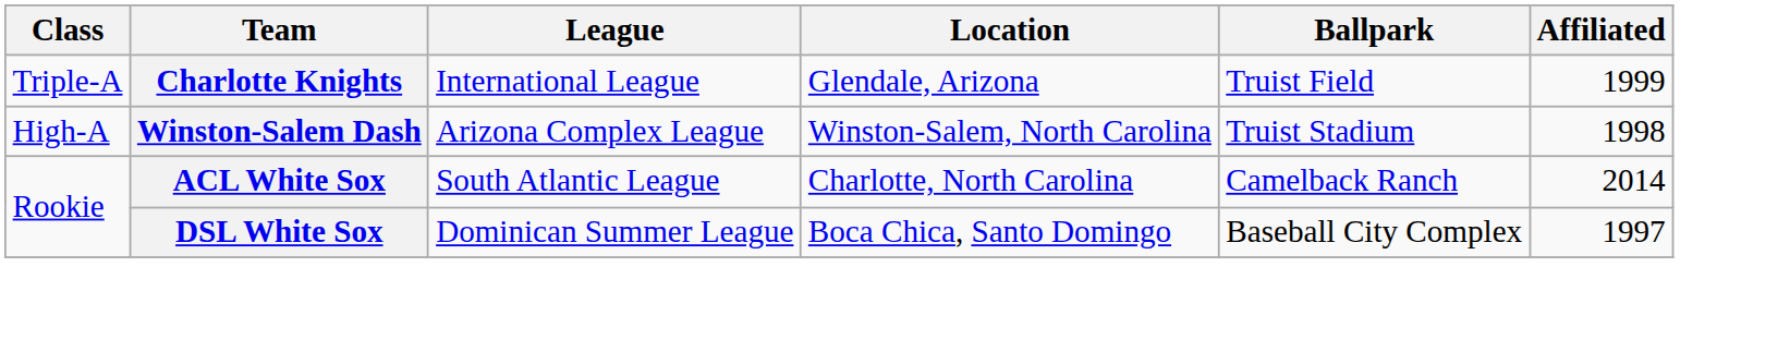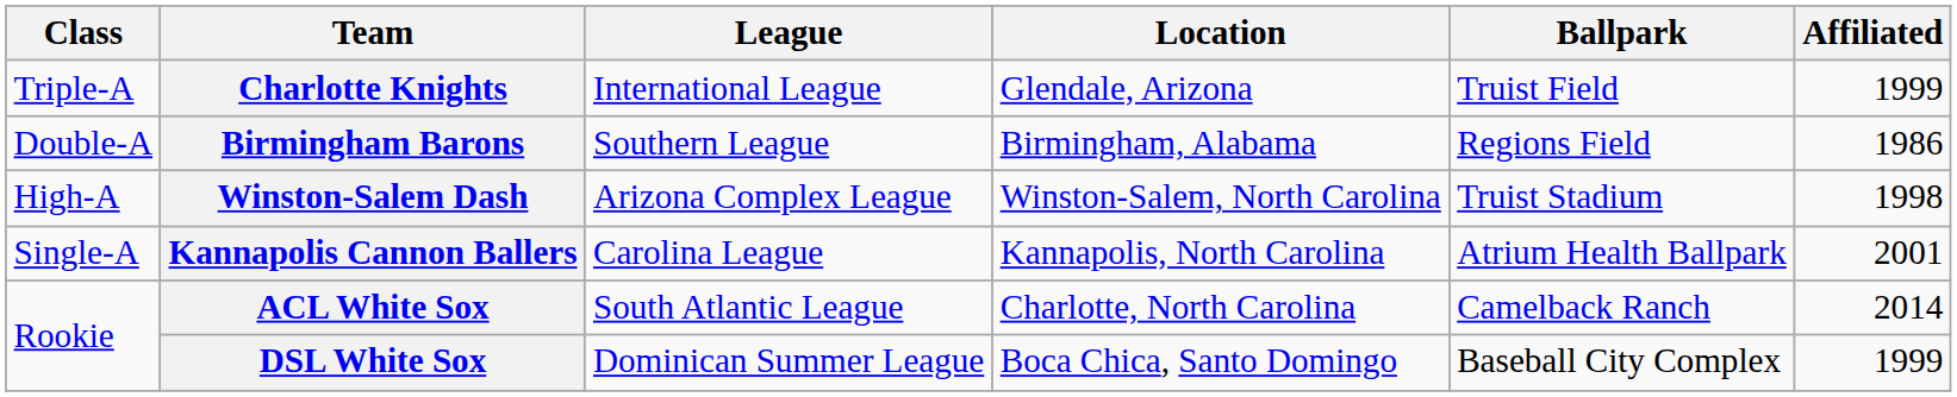 <table class="wikitable plainrowheaders sortable">
 <tr>
 <th scope="col">Class</th>
 <th scope="col">Team</th>
 <th scope="col">League</th>
 <th scope="col">Location</th>
 <th scope="col">Ballpark</th>
 <th scope="col">Affiliated</th>
 </tr>
 <tr>
 <td><a href='#'>Triple-A</a></td>
 <th scope="row"><a href='#'>Charlotte Knights</a></th>
 <td><a href='#'>International League</a></td>
 <td><a href='#'>Glendale, Arizona</a></td>
 <td><a href='#'>Truist Field</a></td>
 <td align="right">1999</td>
 </tr>
 <tr>
+<td><a href='#'>Double-A</a></td>
+<th scope="row"><a href='#'>Birmingham Barons</a></th>
+<td><a href='#'>Southern League</a></td>
+<td><a href='#'>Birmingham, Alabama</a></td>
+<td><a href='#'>Regions Field</a></td>
+<td align="right">1986</td>
+</tr>
+<tr>
 <td><a href='#'>High-A</a></td>
 <th scope="row"><a href='#'>Winston-Salem Dash</a></th>
 <td><a href='#'>Arizona Complex League</a></td>
 <td><a href='#'>Winston-Salem, North Carolina</a></td>
 <td><a href='#'>Truist Stadium</a></td>
 <td align="right">1998</td>
+</tr>
+<tr>
+<td><a href='#'>Single-A</a></td>
+<th scope="row"><a href='#'>Kannapolis Cannon Ballers</a></th>
+<td><a href='#'>Carolina League</a></td>
+<td><a href='#'>Kannapolis, North Carolina</a></td>
+<td><a href='#'>Atrium Health Ballpark</a></td>
+<td align="right">2001</td>
 </tr>
 <tr>
 <td rowspan=2><a href='#'>Rookie</a></td>
 <th scope="row"><a href='#'>ACL White Sox</a></th>
 <td><a href='#'>South Atlantic League</a></td>
 <td><a href='#'>Charlotte, North Carolina</a></td>
 <td><a href='#'>Camelback Ranch</a></td>
 <td align="right">2014</td>
 </tr>
 <tr>
 <th scope="row"><a href='#'>DSL White Sox</a></th>
 <td><a href='#'>Dominican Summer League</a></td>
 <td><a href='#'>Boca Chica</a>, <a href='#'>Santo Domingo</a></td>
 <td>Baseball City Complex</td>
-<td align="right">1997</td>
+<td align="right">1999</td>
 </tr>
 </table>
